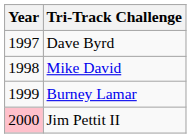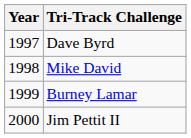 <table class="wikitable" style="font-size:90%;">
 <tr>
 <th>Year</th>
 <th>Tri-Track Challenge</th>
 </tr>
 <tr>
 <td>1997</td>
 <td>Dave Byrd</td>
 </tr>
 <tr>
 <td>1998</td>
 <td><a href='#'>Mike David</a></td>
 </tr>
 <tr>
 <td>1999</td>
 <td><a href='#'>Burney Lamar</a></td>
 </tr>
 <tr>
-<td style="background: pink;">2000</td>
+<td>2000</td>
 <td>Jim Pettit II</td>
 </tr>
 </table>
